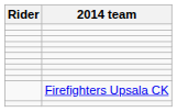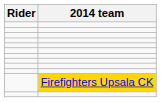 <table class="wikitable">
 <tr>
 <th>Rider</th>
 <th>2014 team</th>
 </tr>
 <tr>
 <td></td>
 <td></td>
 </tr>
 <tr>
 <td></td>
 <td></td>
 </tr>
 <tr>
 <td></td>
 <td></td>
 </tr>
 <tr>
 <td></td>
 <td></td>
 </tr>
 <tr>
 <td></td>
 <td></td>
 </tr>
 <tr>
 <td></td>
 <td></td>
 </tr>
 <tr>
 <td></td>
 <td></td>
 </tr>
 <tr>
 <td></td>
 <td></td>
 </tr>
 <tr>
 <td></td>
 <td></td>
 </tr>
 <tr>
 <td></td>
 <td></td>
 </tr>
 <tr>
 <td></td>
-<td><a href='#'>Firefighters Upsala CK</a></td>
+<td style="background: gold;"><a href='#'>Firefighters Upsala CK</a></td>
 </tr>
 <tr>
 <td></td>
 <td></td>
 </tr>
 </table>
